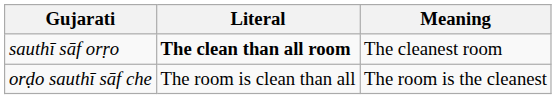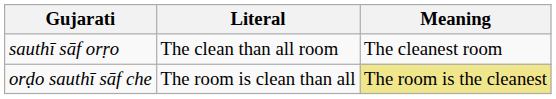 <table class="wikitable">
 <tr>
 <th>Gujarati</th>
 <th>Literal</th>
 <th>Meaning</th>
 </tr>
 <tr>
 <td><em>sauthī sāf orṛo</em></td>
-<td><strong>The clean than all room</strong></td>
+<td>The clean than all room</td>
 <td>The cleanest room</td>
 </tr>
 <tr>
 <td><em>orḍo sauthī sāf che</em></td>
 <td>The room is clean than all</td>
-<td>The room is the cleanest</td>
+<td style="background: khaki;">The room is the cleanest</td>
 </tr>
 </table>
